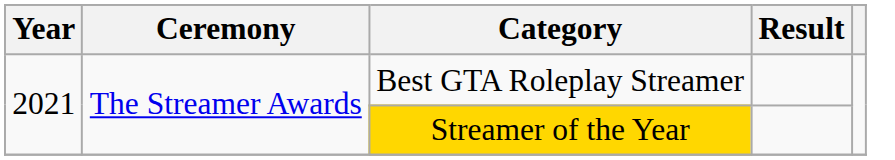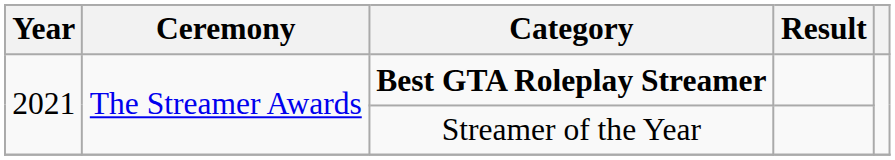 <table class="wikitable" style="text-align:center;">
 <tr>
 <th>Year</th>
 <th>Ceremony</th>
 <th>Category</th>
 <th>Result</th>
 <th></th>
 </tr>
 <tr>
 <td rowspan="2">2021</td>
 <td rowspan="2"><a href='#'>The Streamer Awards</a></td>
-<td>Best GTA Roleplay Streamer</td>
+<td><strong>Best GTA Roleplay Streamer</strong></td>
 <td></td>
 <td rowspan="2"></td>
 </tr>
 <tr>
-<td style="background: gold;">Streamer of the Year</td>
+<td>Streamer of the Year</td>
 <td></td>
 </tr>
 <tr>
 </tr>
 </table>
